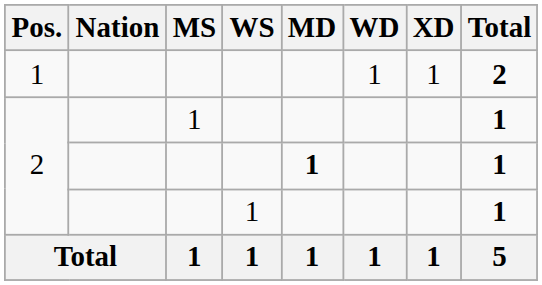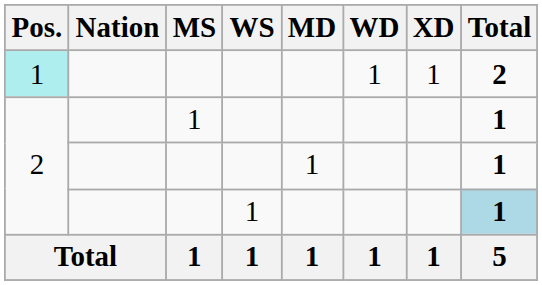 <table class="wikitable" style="text-align:center">
 <tr>
 <th>Pos.</th>
 <th>Nation</th>
 <th>MS</th>
 <th>WS</th>
 <th>MD</th>
 <th>WD</th>
 <th>XD</th>
 <th>Total</th>
 </tr>
 <tr>
-<td>1</td>
+<td style="background: paleturquoise;">1</td>
 <td align="left"></td>
 <td></td>
 <td></td>
 <td></td>
 <td>1</td>
 <td>1</td>
 <td><strong>2</strong></td>
 </tr>
 <tr>
 <td rowspan=3>2</td>
 <td align="left"></td>
 <td>1</td>
 <td></td>
 <td></td>
 <td></td>
 <td></td>
 <td><strong>1</strong></td>
 </tr>
 <tr>
 <td align="left"></td>
 <td></td>
 <td></td>
-<td><strong>1</strong></td>
+<td>1</td>
 <td></td>
 <td></td>
 <td><strong>1</strong></td>
 </tr>
 <tr>
 <td align="left"></td>
 <td></td>
 <td>1</td>
 <td></td>
 <td></td>
 <td></td>
-<td><strong>1</strong></td>
+<td style="background: lightblue;"><strong>1</strong></td>
 </tr>
 <tr>
 <th colspan="2">Total</th>
 <th>1</th>
 <th>1</th>
 <th>1</th>
 <th>1</th>
 <th>1</th>
 <th>5</th>
 </tr>
 </table>
